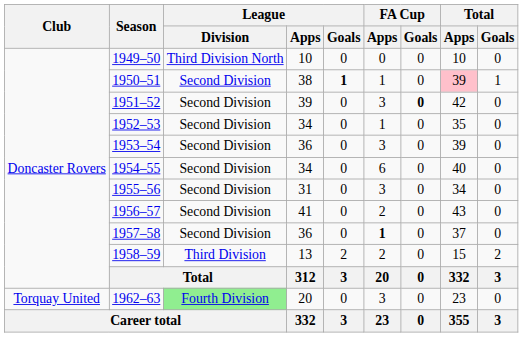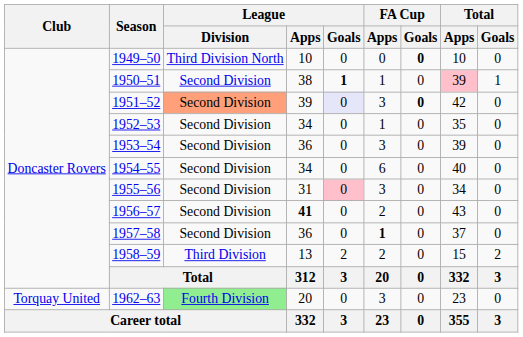 <table class="wikitable" style="text-align: center;">
 <tr>
 <th rowspan="2">Club</th>
 <th rowspan="2">Season</th>
 <th colspan="3">League</th>
 <th colspan="2">FA Cup</th>
 <th colspan="2">Total</th>
 </tr>
 <tr>
 <th>Division</th>
 <th>Apps</th>
 <th>Goals</th>
 <th>Apps</th>
 <th>Goals</th>
 <th>Apps</th>
 <th>Goals</th>
 </tr>
 <tr>
 <td rowspan="11"><a href='#'>Doncaster Rovers</a></td>
 <td><a href='#'>1949–50</a></td>
 <td><a href='#'>Third Division North</a></td>
 <td>10</td>
 <td>0</td>
 <td>0</td>
-<td>0</td>
+<td><strong>0</strong></td>
 <td>10</td>
 <td>0</td>
 </tr>
 <tr>
 <td><a href='#'>1950–51</a></td>
 <td><a href='#'>Second Division</a></td>
 <td>38</td>
 <td><strong>1</strong></td>
 <td>1</td>
 <td>0</td>
 <td style="background: pink;">39</td>
 <td>1</td>
 </tr>
 <tr>
 <td><a href='#'>1951–52</a></td>
-<td>Second Division</td>
+<td style="background: lightsalmon;">Second Division</td>
 <td>39</td>
-<td>0</td>
+<td style="background: lavender;">0</td>
 <td>3</td>
 <td><strong>0</strong></td>
 <td>42</td>
 <td>0</td>
 </tr>
 <tr>
 <td><a href='#'>1952–53</a></td>
 <td>Second Division</td>
 <td>34</td>
 <td>0</td>
 <td>1</td>
 <td>0</td>
 <td>35</td>
 <td>0</td>
 </tr>
 <tr>
 <td><a href='#'>1953–54</a></td>
 <td>Second Division</td>
 <td>36</td>
 <td>0</td>
 <td>3</td>
 <td>0</td>
 <td>39</td>
 <td>0</td>
 </tr>
 <tr>
 <td><a href='#'>1954–55</a></td>
 <td>Second Division</td>
 <td>34</td>
 <td>0</td>
 <td>6</td>
 <td>0</td>
 <td>40</td>
 <td>0</td>
 </tr>
 <tr>
 <td><a href='#'>1955–56</a></td>
 <td>Second Division</td>
 <td>31</td>
-<td>0</td>
+<td style="background: pink;">0</td>
 <td>3</td>
 <td>0</td>
 <td>34</td>
 <td>0</td>
 </tr>
 <tr>
 <td><a href='#'>1956–57</a></td>
 <td>Second Division</td>
-<td>41</td>
+<td><strong>41</strong></td>
 <td>0</td>
 <td>2</td>
 <td>0</td>
 <td>43</td>
 <td>0</td>
 </tr>
 <tr>
 <td><a href='#'>1957–58</a></td>
 <td>Second Division</td>
 <td>36</td>
 <td>0</td>
 <td><strong>1</strong></td>
 <td>0</td>
 <td>37</td>
 <td>0</td>
 </tr>
 <tr>
 <td><a href='#'>1958–59</a></td>
 <td><a href='#'>Third Division</a></td>
 <td>13</td>
 <td>2</td>
 <td>2</td>
 <td>0</td>
 <td>15</td>
 <td>2</td>
 </tr>
 <tr>
 <th colspan="2">Total</th>
 <th>312</th>
 <th>3</th>
 <th>20</th>
 <th>0</th>
 <th>332</th>
 <th>3</th>
 </tr>
 <tr>
 <td><a href='#'>Torquay United</a></td>
 <td><a href='#'>1962–63</a></td>
 <td style="background: lightgreen;"><a href='#'>Fourth Division</a></td>
 <td>20</td>
 <td>0</td>
 <td>3</td>
 <td>0</td>
 <td>23</td>
 <td>0</td>
 </tr>
 <tr>
 <th colspan="3">Career total</th>
 <th>332</th>
 <th>3</th>
 <th>23</th>
 <th>0</th>
 <th>355</th>
 <th>3</th>
 </tr>
 </table>
